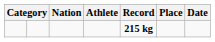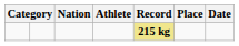 <table class="wikitable" style="text-align:center;">
 <tr>
 <th colspan="2">Category</th>
 <th>Nation</th>
 <th>Athlete</th>
 <th>Record</th>
 <th>Place</th>
 <th>Date</th>
 </tr>
 <tr>
 <td><strong></strong></td>
 <td align="left"></td>
 <td align="left"></td>
 <td align="left"></td>
-<td><strong>215 kg</strong></td>
+<td style="background: khaki;"><strong>215 kg</strong></td>
 <td align="left"></td>
 <td align="left"></td>
 </tr>
 </table>
